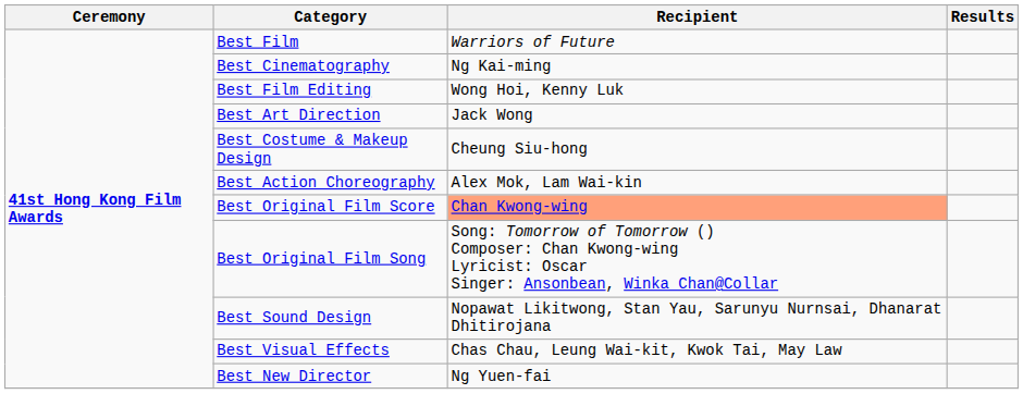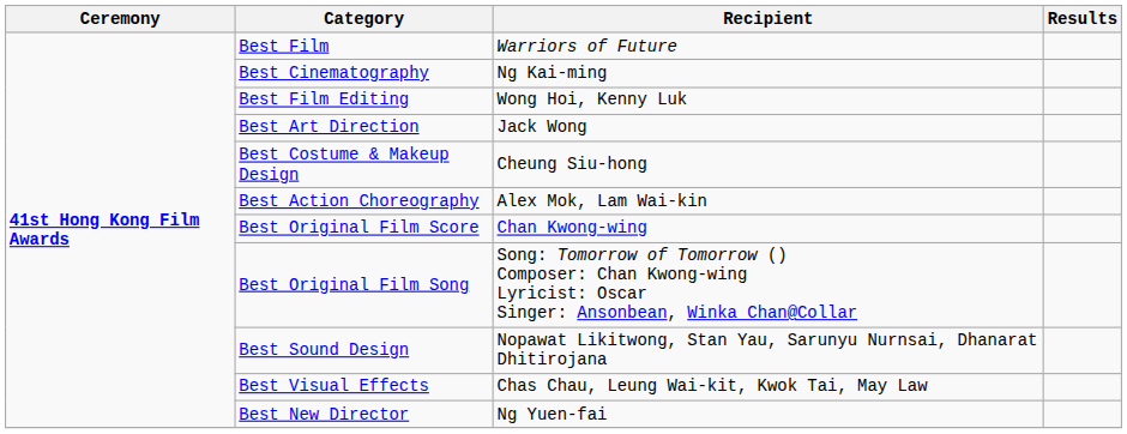 <table class=wikitable>
 <tr>
 <th>Ceremony</th>
 <th>Category</th>
 <th>Recipient</th>
 <th>Results</th>
 </tr>
 <tr>
 <td rowspan=11><strong><a href='#'>41st Hong Kong Film Awards</a></strong></td>
 <td><a href='#'>Best Film</a></td>
 <td><em>Warriors of Future</em></td>
 <td></td>
 </tr>
 <tr>
 <td><a href='#'>Best Cinematography</a></td>
 <td>Ng Kai-ming</td>
 <td></td>
 </tr>
 <tr>
 <td><a href='#'>Best Film Editing</a></td>
 <td>Wong Hoi, Kenny Luk</td>
 <td></td>
 </tr>
 <tr>
 <td><a href='#'>Best Art Direction</a></td>
 <td>Jack Wong</td>
 <td></td>
 </tr>
 <tr>
 <td><a href='#'>Best Costume & Makeup Design</a></td>
 <td>Cheung Siu-hong</td>
 <td></td>
 </tr>
 <tr>
 <td><a href='#'>Best Action Choreography</a></td>
 <td>Alex Mok, Lam Wai-kin</td>
 <td></td>
 </tr>
 <tr>
 <td><a href='#'>Best Original Film Score</a></td>
-<td style="background: lightsalmon;"><a href='#'>Chan Kwong-wing</a></td>
+<td><a href='#'>Chan Kwong-wing</a></td>
 <td></td>
 </tr>
 <tr>
 <td><a href='#'>Best Original Film Song</a></td>
 <td>Song: <em>Tomorrow of Tomorrow</em> ()<br>Composer: Chan Kwong-wing  <br>Lyricist: Oscar <br>Singer: <a href='#'>Ansonbean</a>, <a href='#'>Winka Chan@Collar</a></td>
 <td></td>
 </tr>
 <tr>
 <td><a href='#'>Best Sound Design</a></td>
 <td>Nopawat Likitwong, Stan Yau, Sarunyu Nurnsai, Dhanarat Dhitirojana</td>
 <td></td>
 </tr>
 <tr>
 <td><a href='#'>Best Visual Effects</a></td>
 <td>Chas Chau, Leung Wai-kit, Kwok Tai, May Law</td>
 <td></td>
 </tr>
 <tr>
 <td><a href='#'>Best New Director</a></td>
 <td>Ng Yuen-fai</td>
 <td></td>
 </tr>
 <tr>
 </tr>
 </table>
